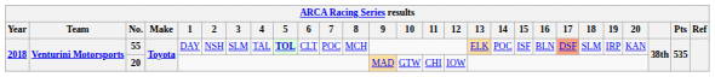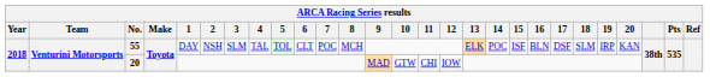 <table class="wikitable" style="text-align:center; font-size:75%">
 <tr>
 <th colspan=48><a href='#'>ARCA Racing Series</a> results</th>
 </tr>
 <tr>
 <th>Year</th>
 <th>Team</th>
 <th>No.</th>
 <th>Make</th>
 <th>1</th>
 <th>2</th>
 <th>3</th>
 <th>4</th>
 <th>5</th>
 <th>6</th>
 <th>7</th>
 <th>8</th>
 <th>9</th>
 <th>10</th>
 <th>11</th>
 <th>12</th>
 <th>13</th>
 <th>14</th>
 <th>15</th>
 <th>16</th>
 <th>17</th>
 <th>18</th>
 <th>19</th>
 <th>20</th>
 <th></th>
 <th>Pts</th>
 <th>Ref</th>
 </tr>
 <tr>
 <th rowspan=2><a href='#'>2018</a></th>
 <th rowspan=2><a href='#'>Venturini Motorsports</a></th>
 <th>55</th>
 <th rowspan=2><a href='#'>Toyota</a></th>
 <td><a href='#'>DAY</a></td>
 <td><a href='#'>NSH</a></td>
 <td><a href='#'>SLM</a></td>
 <td><a href='#'>TAL</a></td>
-<td style="background:#DFFFDF;"><strong><a href='#'>TOL</a><br></strong></td>
+<td style="background:#DFFFDF;"><a href='#'>TOL</a><br></td>
 <td><a href='#'>CLT</a></td>
 <td><a href='#'>POC</a></td>
 <td><a href='#'>MCH</a></td>
 <td colspan=4></td>
 <td style="background:#FFDF9F;"><a href='#'>ELK</a><br></td>
 <td><a href='#'>POC</a></td>
 <td><a href='#'>ISF</a></td>
 <td><a href='#'>BLN</a></td>
-<td style="background: lightsalmon;"><a href='#'>DSF</a></td>
+<td><a href='#'>DSF</a></td>
 <td><a href='#'>SLM</a></td>
 <td><a href='#'>IRP</a></td>
 <td><a href='#'>KAN</a></td>
 <th rowspan=2>38th</th>
 <th rowspan=2>535</th>
 <th rowspan=2></th>
 </tr>
 <tr>
 <th>20</th>
 <td colspan=8></td>
 <td style="background:#FFDF9F;"><a href='#'>MAD</a><br></td>
 <td><a href='#'>GTW</a></td>
 <td><a href='#'>CHI</a></td>
 <td><a href='#'>IOW</a></td>
 <td colspan=8></td>
 </tr>
 </table>
